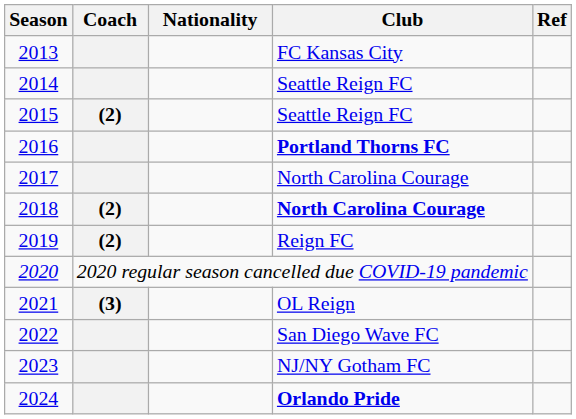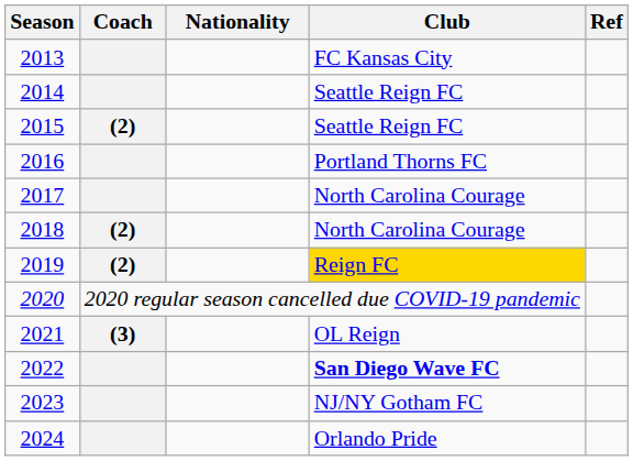 <table class="wikitable sortable plainrowheaders">
 <tr>
 <th>Season</th>
 <th>Coach</th>
 <th>Nationality</th>
 <th>Club</th>
 <th class=unsortable>Ref</th>
 </tr>
 <tr>
 <td style="text-align:center"><a href='#'>2013</a></td>
 <th scope="row"></th>
 <td></td>
 <td><a href='#'>FC Kansas City</a></td>
 <td style="text-align:center"></td>
 </tr>
 <tr>
 <td style="text-align:center"><a href='#'>2014</a></td>
 <th scope="row"></th>
 <td></td>
 <td><a href='#'>Seattle Reign FC</a></td>
 <td style="text-align:center"></td>
 </tr>
 <tr>
 <td style="text-align:center"><a href='#'>2015</a></td>
 <th scope="row"> (2)</th>
 <td></td>
 <td><a href='#'>Seattle Reign FC</a></td>
 <td style="text-align:center"></td>
 </tr>
 <tr>
 <td style="text-align:center"><a href='#'>2016</a></td>
 <th scope="row"></th>
 <td></td>
-<td><strong><a href='#'>Portland Thorns FC</a></strong></td>
+<td><a href='#'>Portland Thorns FC</a></td>
 <td style="text-align:center"></td>
 </tr>
 <tr>
 <td style="text-align:center"><a href='#'>2017</a></td>
 <th scope="row"></th>
 <td></td>
 <td><a href='#'>North Carolina Courage</a></td>
 <td style="text-align:center"></td>
 </tr>
 <tr>
 <td style="text-align:center"><a href='#'>2018</a></td>
 <th scope="row"> (2)</th>
 <td></td>
-<td><strong><a href='#'>North Carolina Courage</a></strong></td>
+<td><a href='#'>North Carolina Courage</a></td>
 <td style="text-align:center"></td>
 </tr>
 <tr>
 <td style="text-align:center"><a href='#'>2019</a></td>
 <th scope="row"> (2)</th>
 <td></td>
-<td><a href='#'>Reign FC</a></td>
+<td style="background: gold;"><a href='#'>Reign FC</a></td>
 <td style="text-align:center"></td>
 </tr>
 <tr>
 <td style="text-align:center"><em><a href='#'>2020</a></em></td>
 <td style="text-align:center" colspan=3><em>2020 regular season cancelled due <a href='#'>COVID-19 pandemic</a></em></td>
 <td style="text-align:center"></td>
 </tr>
 <tr>
 <td style="text-align:center"><a href='#'>2021</a></td>
 <th scope="row"> (3)</th>
 <td></td>
 <td><a href='#'>OL Reign</a></td>
 <td style="text-align:center"></td>
 </tr>
 <tr>
 <td style="text-align:center"><a href='#'>2022</a></td>
 <th scope="row"></th>
 <td></td>
-<td><a href='#'>San Diego Wave FC</a></td>
+<td><strong><a href='#'>San Diego Wave FC</a></strong></td>
 <td style="text-align:center"></td>
 </tr>
 <tr>
 <td style="text-align:center"><a href='#'>2023</a></td>
 <th scope="row"></th>
 <td></td>
 <td><a href='#'>NJ/NY Gotham FC</a></td>
 <td style="text-align:center"></td>
 </tr>
 <tr>
 <td style="text-align:center"><a href='#'>2024</a></td>
 <th scope="row"></th>
 <td></td>
-<td><strong><a href='#'>Orlando Pride</a></strong></td>
+<td><a href='#'>Orlando Pride</a></td>
 <td style="text-align:center"></td>
 </tr>
 </table>
